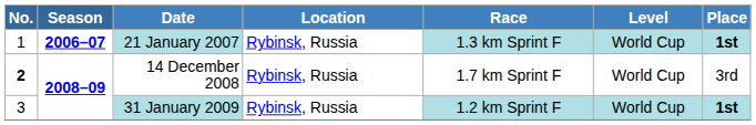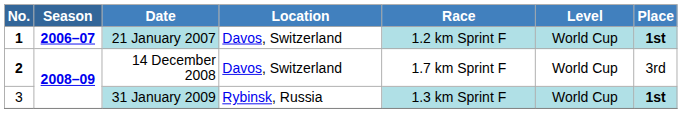 <table class="wikitable sortable" style="font-size:95%; text-align:center; border:grey solid 1px; border-collapse:collapse; background:#ffffff;">
 <tr style="background:#efefef;">
 <th style="background-color:#369; color:white;">No.</th>
 <th style="background-color:#369; color:white;">Season</th>
 <th style="background-color:#4180be; color:white; width:120px;">Date</th>
 <th style="background-color:#4180be; color:white; width:170px;">Location</th>
 <th style="background-color:#4180be; color:white; width:160px;">Race</th>
 <th style="background-color:#4180be; color:white; width:100px;">Level</th>
 <th style="background-color:#4180be; color:white;">Place</th>
 </tr>
 <tr>
-<td align=center>1</td>
+<td align=center><strong>1</strong></td>
 <td rowspan=1 align=center><strong><a href='#'>2006–07</a></strong></td>
 <td bgcolor="#BOEOE6" align=right>21 January 2007</td>
-<td align=left> <a href='#'>Rybinsk</a>, Russia</td>
-<td bgcolor="#BOEOE6">1.3 km Sprint F</td>
+<td align=left> <a href='#'>Davos</a>, Switzerland</td>
+<td bgcolor="#BOEOE6">1.2 km Sprint F</td>
 <td bgcolor="#BOEOE6">World Cup</td>
 <td bgcolor="#BOEOE6"><strong>1st</strong></td>
 </tr>
 <tr>
 <td align=center><strong>2</strong></td>
 <td rowspan=2 align=center><strong> <a href='#'>2008–09</a> </strong></td>
 <td align=right>14 December 2008</td>
-<td align=left> <a href='#'>Rybinsk</a>, Russia</td>
+<td align=left> <a href='#'>Davos</a>, Switzerland</td>
 <td>1.7 km Sprint F</td>
 <td>World Cup</td>
 <td>3rd</td>
 </tr>
 <tr>
 <td align=center>3</td>
 <td bgcolor="#BOEOE6" align=right>31 January 2009</td>
 <td align=left> <a href='#'>Rybinsk</a>, Russia</td>
-<td bgcolor="#BOEOE6">1.2 km Sprint F</td>
+<td bgcolor="#BOEOE6">1.3 km Sprint F</td>
 <td bgcolor="#BOEOE6">World Cup</td>
 <td bgcolor="#BOEOE6"><strong>1st</strong></td>
 </tr>
 <tr>
 </tr>
 </table>
